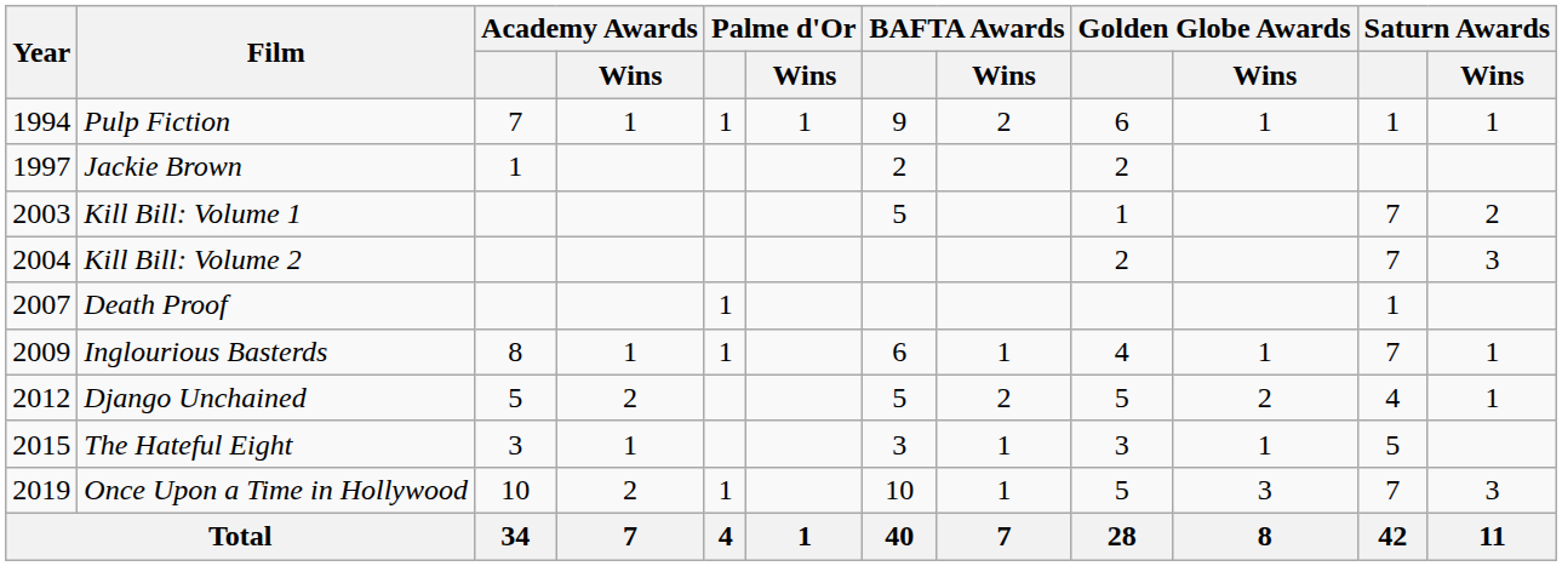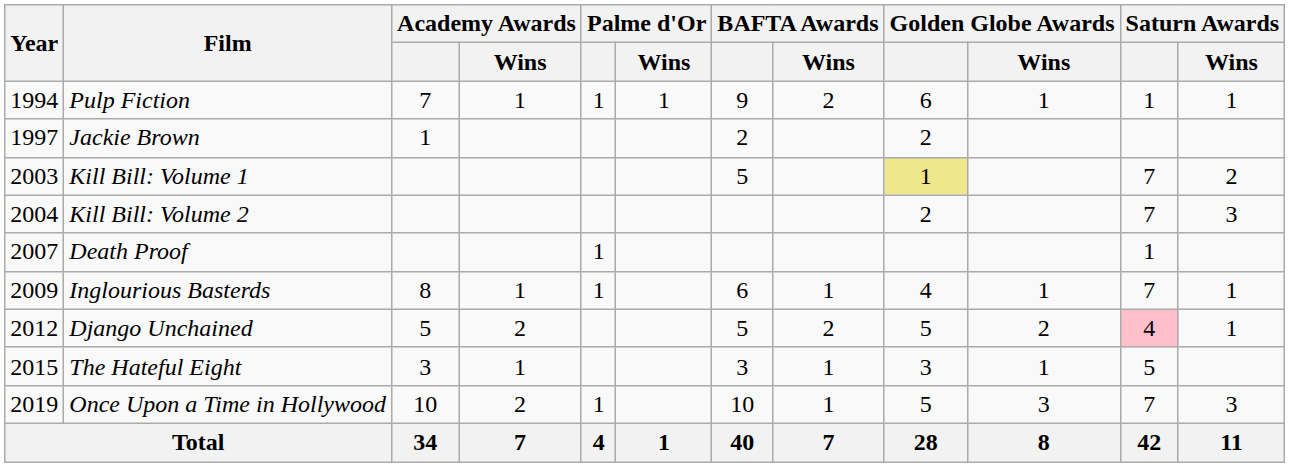 <table class="wikitable" style="text-align: center;">
 <tr>
 <th rowspan="2">Year</th>
 <th rowspan="2">Film</th>
 <th colspan="2">Academy Awards</th>
 <th colspan="2">Palme d'Or</th>
 <th colspan="2">BAFTA Awards</th>
 <th colspan="2">Golden Globe Awards</th>
 <th colspan="2">Saturn Awards</th>
 </tr>
 <tr>
 <th></th>
 <th>Wins</th>
 <th></th>
 <th>Wins</th>
 <th></th>
 <th>Wins</th>
 <th></th>
 <th>Wins</th>
 <th></th>
 <th>Wins</th>
 </tr>
 <tr>
 <td style="text-align: left;">1994</td>
 <td style="text-align: left;"><em>Pulp Fiction</em></td>
 <td>7</td>
 <td>1</td>
 <td>1</td>
 <td>1</td>
 <td>9</td>
 <td>2</td>
 <td>6</td>
 <td>1</td>
 <td>1</td>
 <td>1</td>
 </tr>
 <tr>
 <td style="text-align: left;">1997</td>
 <td style="text-align: left;"><em>Jackie Brown</em></td>
 <td>1</td>
 <td></td>
 <td></td>
 <td></td>
 <td>2</td>
 <td></td>
 <td>2</td>
 <td></td>
 <td></td>
 <td></td>
 </tr>
 <tr>
 <td style="text-align: left;">2003</td>
 <td style="text-align: left;"><em>Kill Bill: Volume 1</em></td>
 <td></td>
 <td></td>
 <td></td>
 <td></td>
 <td>5</td>
 <td></td>
-<td>1</td>
+<td style="background: khaki;">1</td>
 <td></td>
 <td>7</td>
 <td>2</td>
 </tr>
 <tr>
 <td style="text-align: left;">2004</td>
 <td style="text-align: left;"><em>Kill Bill: Volume 2</em></td>
 <td></td>
 <td></td>
 <td></td>
 <td></td>
 <td></td>
 <td></td>
 <td>2</td>
 <td></td>
 <td>7</td>
 <td>3</td>
 </tr>
 <tr>
 <td style="text-align: left;">2007</td>
 <td style="text-align: left;"><em>Death Proof</em></td>
 <td></td>
 <td></td>
 <td>1</td>
 <td></td>
 <td></td>
 <td></td>
 <td></td>
 <td></td>
 <td>1</td>
 <td></td>
 </tr>
 <tr>
 <td style="text-align: left;">2009</td>
 <td style="text-align: left;"><em>Inglourious Basterds</em></td>
 <td>8</td>
 <td>1</td>
 <td>1</td>
 <td></td>
 <td>6</td>
 <td>1</td>
 <td>4</td>
 <td>1</td>
 <td>7</td>
 <td>1</td>
 </tr>
 <tr>
 <td style="text-align: left;">2012</td>
 <td style="text-align: left;"><em>Django Unchained</em></td>
 <td>5</td>
 <td>2</td>
 <td></td>
 <td></td>
 <td>5</td>
 <td>2</td>
 <td>5</td>
 <td>2</td>
-<td>4</td>
+<td style="background: pink;">4</td>
 <td>1</td>
 </tr>
 <tr>
 <td style="text-align: left;">2015</td>
 <td style="text-align: left;"><em>The Hateful Eight</em></td>
 <td>3</td>
 <td>1</td>
 <td></td>
 <td></td>
 <td>3</td>
 <td>1</td>
 <td>3</td>
 <td>1</td>
 <td>5</td>
 <td></td>
 </tr>
 <tr>
 <td style="text-align: left;">2019</td>
 <td style="text-align: left;"><em>Once Upon a Time in Hollywood</em></td>
 <td>10</td>
 <td>2</td>
 <td>1</td>
 <td></td>
 <td>10</td>
 <td>1</td>
 <td>5</td>
 <td>3</td>
 <td>7</td>
 <td>3</td>
 </tr>
 <tr>
 <th colspan="2">Total</th>
 <th>34</th>
 <th>7</th>
 <th>4</th>
 <th>1</th>
 <th>40</th>
 <th>7</th>
 <th>28</th>
 <th>8</th>
 <th>42</th>
 <th>11</th>
 </tr>
 </table>
